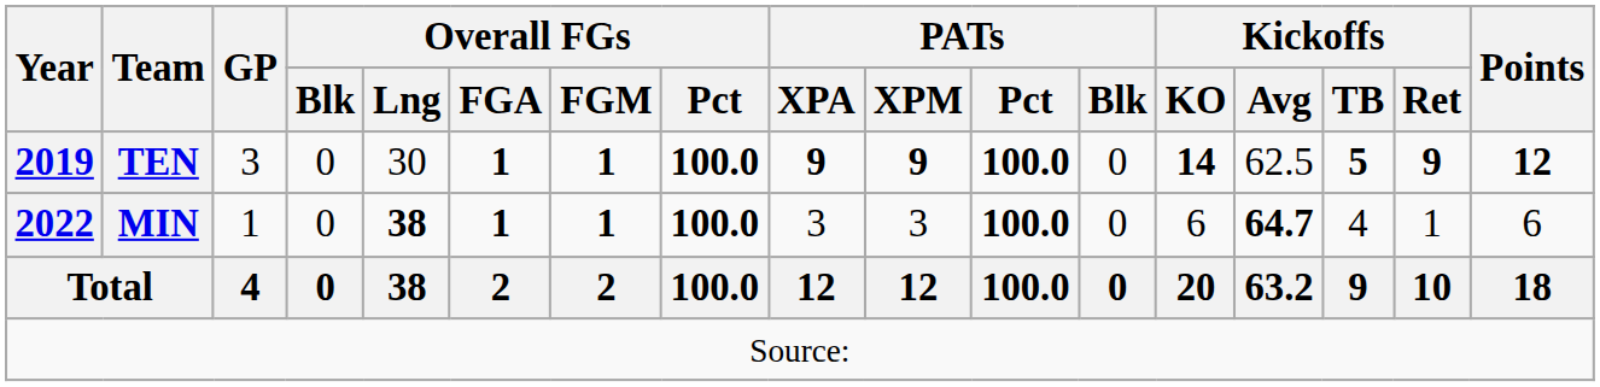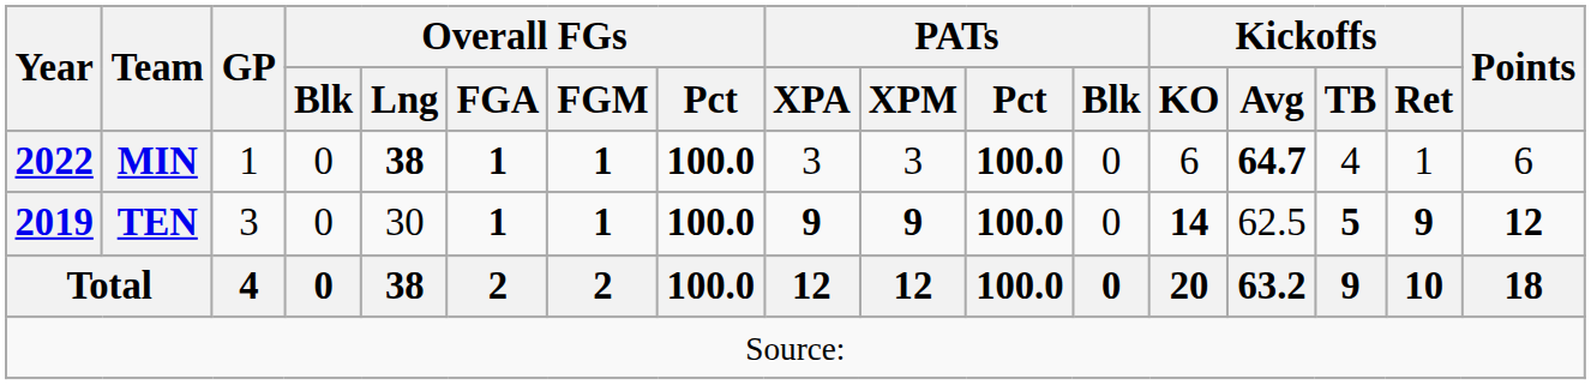 <table class=wikitable style="text-align:center;">
 <tr>
 <th rowspan=2>Year</th>
 <th rowspan=2>Team</th>
 <th rowspan=2>GP</th>
 <th colspan=5>Overall FGs</th>
 <th colspan=4>PATs</th>
 <th colspan=4>Kickoffs</th>
 <th rowspan=2>Points</th>
 </tr>
 <tr>
 <th>Blk</th>
 <th>Lng</th>
 <th>FGA</th>
 <th>FGM</th>
 <th>Pct</th>
 <th>XPA</th>
 <th>XPM</th>
 <th>Pct</th>
 <th>Blk</th>
 <th>KO</th>
 <th>Avg</th>
 <th>TB</th>
 <th>Ret</th>
 </tr>
 <tr>
+<th><a href='#'>2022</a></th>
+<th><a href='#'>MIN</a></th>
+<td>1</td>
+<td>0</td>
+<td><strong>38</strong></td>
+<td><strong>1</strong></td>
+<td><strong>1</strong></td>
+<td><strong>100.0</strong></td>
+<td>3</td>
+<td>3</td>
+<td><strong>100.0</strong></td>
+<td>0</td>
+<td>6</td>
+<td><strong>64.7</strong></td>
+<td>4</td>
+<td>1</td>
+<td>6</td>
+</tr>
+<tr>
 <th><a href='#'>2019</a></th>
 <th><a href='#'>TEN</a></th>
 <td>3</td>
 <td>0</td>
 <td>30</td>
 <td><strong>1</strong></td>
 <td><strong>1</strong></td>
 <td><strong>100.0</strong></td>
 <td><strong>9</strong></td>
 <td><strong>9</strong></td>
 <td><strong>100.0</strong></td>
 <td>0</td>
 <td><strong>14</strong></td>
 <td>62.5</td>
 <td><strong>5</strong></td>
 <td><strong>9</strong></td>
 <td><strong>12</strong></td>
-</tr>
-<tr>
-<th><a href='#'>2022</a></th>
-<th><a href='#'>MIN</a></th>
-<td>1</td>
-<td>0</td>
-<td><strong>38</strong></td>
-<td><strong>1</strong></td>
-<td><strong>1</strong></td>
-<td><strong>100.0</strong></td>
-<td>3</td>
-<td>3</td>
-<td><strong>100.0</strong></td>
-<td>0</td>
-<td>6</td>
-<td><strong>64.7</strong></td>
-<td>4</td>
-<td>1</td>
-<td>6</td>
 </tr>
 <tr>
 <th colspan=2>Total</th>
 <th>4</th>
 <th>0</th>
 <th>38</th>
 <th>2</th>
 <th>2</th>
 <th>100.0</th>
 <th>12</th>
 <th>12</th>
 <th>100.0</th>
 <th>0</th>
 <th>20</th>
 <th>63.2</th>
 <th>9</th>
 <th>10</th>
 <th>18</th>
 </tr>
 <tr>
 <td colspan="17"><small>Source: </small></td>
 </tr>
 </table>
